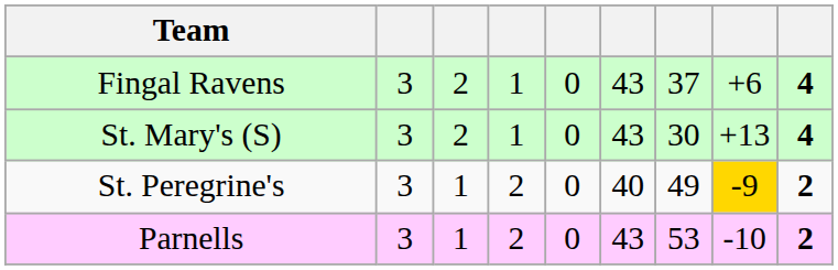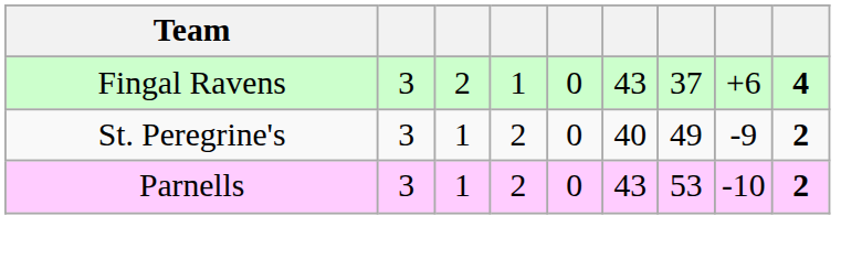 <table class="wikitable" style="text-align:center">
 <tr>
 <th style="width:175px;">Team</th>
 <th width="20"></th>
 <th width="20"></th>
 <th width="20"></th>
 <th width="20"></th>
 <th width="20"></th>
 <th width="20"></th>
 <th width="20"></th>
 <th width="20"></th>
 </tr>
 <tr style="background:#cfc">
 <td>Fingal Ravens</td>
 <td>3</td>
 <td>2</td>
 <td>1</td>
 <td>0</td>
 <td>43</td>
 <td>37</td>
 <td>+6</td>
 <td><strong>4</strong></td>
 </tr>
-<tr style="background:#cfc;">
-<td>St. Mary's (S)</td>
-<td>3</td>
-<td>2</td>
-<td>1</td>
-<td>0</td>
-<td>43</td>
-<td>30</td>
-<td>+13</td>
-<td><strong>4</strong></td>
-</tr>
 <tr>
 <td>St. Peregrine's</td>
 <td>3</td>
 <td>1</td>
 <td>2</td>
 <td>0</td>
 <td>40</td>
 <td>49</td>
-<td style="background: gold;">-9</td>
+<td>-9</td>
 <td><strong>2</strong></td>
 </tr>
 <tr style="background:#fcf;">
 <td>Parnells</td>
 <td>3</td>
 <td>1</td>
 <td>2</td>
 <td>0</td>
 <td>43</td>
 <td>53</td>
 <td>-10</td>
 <td><strong>2</strong></td>
 </tr>
 </table>
